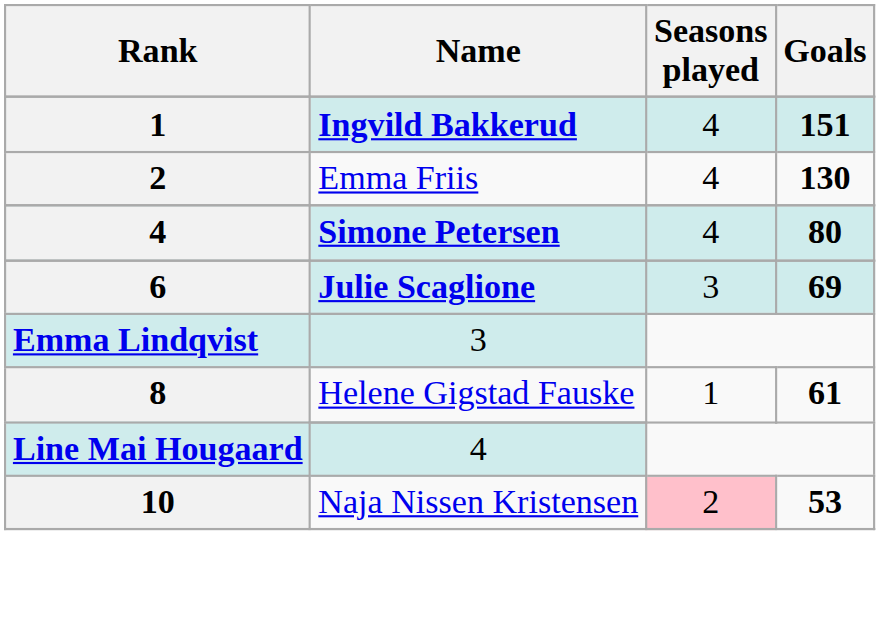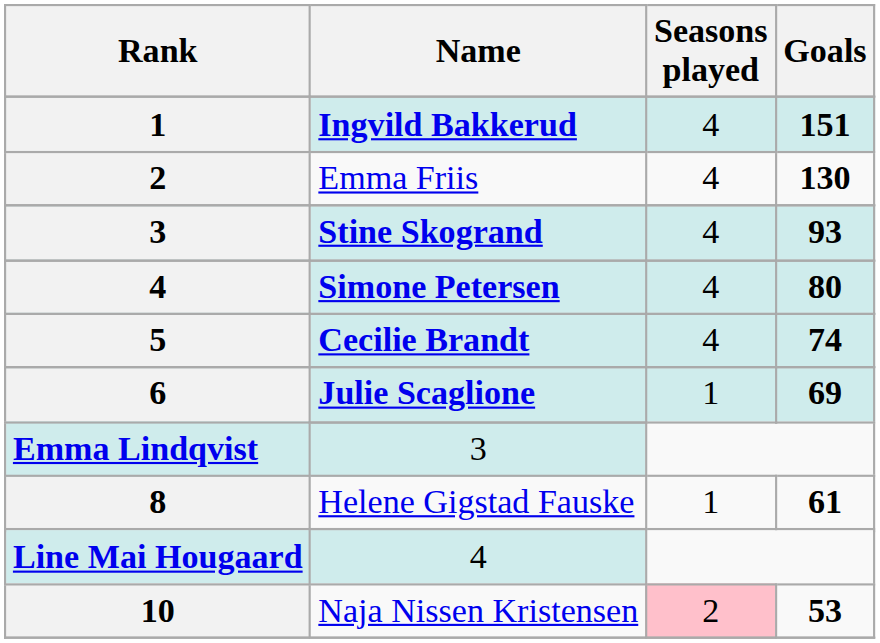 <table class="wikitable" style="text-align: center;">
 <tr>
 <th>Rank</th>
 <th class="unsortable">Name</th>
 <th>Seasons<br>played</th>
 <th>Goals</th>
 </tr>
 <tr>
 </tr>
 <tr style="background-color: #CFECEC;">
 <th>1</th>
 <td style="text-align: left;"> <strong><a href='#'>Ingvild Bakkerud</a></strong></td>
 <td>4</td>
 <td><strong>151</strong></td>
 </tr>
 <tr>
 <th>2</th>
 <td style="text-align: left;"> <a href='#'>Emma Friis</a></td>
 <td>4</td>
 <td><strong>130</strong></td>
 </tr>
 <tr>
 </tr>
+<tr style="background-color: #CFECEC;">
+<th>3</th>
+<td style="text-align: left;"> <strong><a href='#'>Stine Skogrand</a></strong></td>
+<td>4</td>
+<td><strong>93</strong></td>
+</tr>
 <tr>
 </tr>
 <tr style="background-color: #CFECEC;">
 <th>4</th>
 <td style="text-align: left;"> <strong><a href='#'>Simone Petersen</a></strong></td>
 <td>4</td>
 <td><strong>80</strong></td>
 </tr>
 <tr>
 </tr>
+<tr style="background-color: #CFECEC;">
+<th>5</th>
+<td style="text-align: left;"> <strong><a href='#'>Cecilie Brandt</a></strong></td>
+<td>4</td>
+<td><strong>74</strong></td>
+</tr>
 <tr>
 </tr>
 <tr style="background-color: #CFECEC;">
 <th rowspan=2>6</th>
 <td style="text-align: left;"> <strong><a href='#'>Julie Scaglione</a></strong></td>
-<td>3</td>
+<td>1</td>
 <td rowspan=2><strong>69</strong></td>
 </tr>
 <tr>
 </tr>
 <tr style="background-color: #CFECEC;">
 <td style="text-align: left;"> <strong><a href='#'>Emma Lindqvist</a></strong></td>
 <td>3</td>
 </tr>
 <tr>
 <th rowspan=2>8</th>
 <td style="text-align: left;"> <a href='#'>Helene Gigstad Fauske</a></td>
 <td>1</td>
 <td rowspan=2><strong>61</strong></td>
 </tr>
 <tr>
 </tr>
 <tr style="background-color: #CFECEC;">
 <td style="text-align: left;"> <strong><a href='#'>Line Mai Hougaard</a></strong></td>
 <td>4</td>
 </tr>
 <tr>
 <th>10</th>
 <td style="text-align: left;"> <a href='#'>Naja Nissen Kristensen</a></td>
 <td style="background: pink;">2</td>
 <td><strong>53</strong></td>
 </tr>
 <tr>
 </tr>
 </table>
